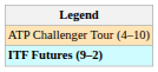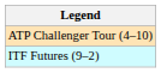 <table class=wikitable style=font-size:97%>
 <tr>
 <th>Legend</th>
 </tr>
 <tr bgcolor=moccasin>
 <td>ATP Challenger Tour (4–10)</td>
 </tr>
 <tr bgcolor=cffcff>
-<td><strong>ITF Futures (9–2)</strong></td>
+<td>ITF Futures (9–2)</td>
 </tr>
 </table>
